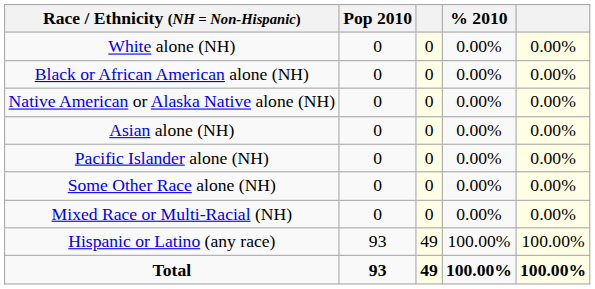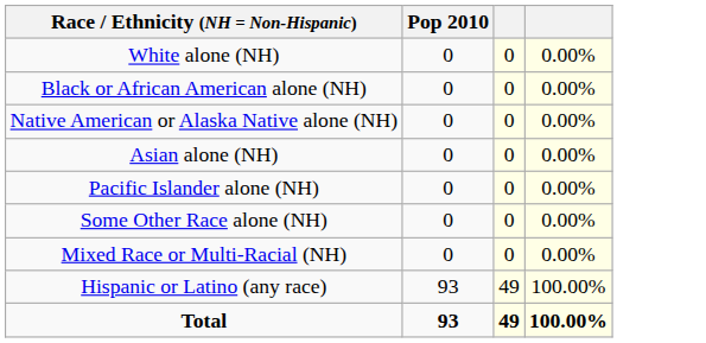 <table class="wikitable" style="text-align:center;">
 <tr>
 <th>Race / Ethnicity <small>(<em>NH = Non-Hispanic</em>)</small></th>
 <th>Pop 2010</th>
 <th></th>
-<th>% 2010</th>
 <th></th>
 </tr>
 <tr>
 <td><a href='#'>White</a> alone (NH)</td>
 <td>0</td>
 <td style='background: #ffffe6;'>0</td>
-<td>0.00%</td>
 <td style='background: #ffffe6;'>0.00%</td>
 </tr>
 <tr>
 <td><a href='#'>Black or African American</a> alone (NH)</td>
 <td>0</td>
 <td style='background: #ffffe6;'>0</td>
-<td>0.00%</td>
 <td style='background: #ffffe6;'>0.00%</td>
 </tr>
 <tr>
 <td><a href='#'>Native American</a> or <a href='#'>Alaska Native</a> alone (NH)</td>
 <td>0</td>
 <td style='background: #ffffe6;'>0</td>
-<td>0.00%</td>
 <td style='background: #ffffe6;'>0.00%</td>
 </tr>
 <tr>
 <td><a href='#'>Asian</a> alone (NH)</td>
 <td>0</td>
 <td style='background: #ffffe6;'>0</td>
-<td>0.00%</td>
 <td style='background: #ffffe6;'>0.00%</td>
 </tr>
 <tr>
 <td><a href='#'>Pacific Islander</a> alone (NH)</td>
 <td>0</td>
 <td style='background: #ffffe6;'>0</td>
-<td>0.00%</td>
 <td style='background: #ffffe6;'>0.00%</td>
 </tr>
 <tr>
 <td><a href='#'>Some Other Race</a> alone (NH)</td>
 <td>0</td>
 <td style='background: #ffffe6;'>0</td>
-<td>0.00%</td>
 <td style='background: #ffffe6;'>0.00%</td>
 </tr>
 <tr>
 <td><a href='#'>Mixed Race or Multi-Racial</a> (NH)</td>
 <td>0</td>
 <td style='background: #ffffe6;'>0</td>
-<td>0.00%</td>
 <td style='background: #ffffe6;'>0.00%</td>
 </tr>
 <tr>
 <td><a href='#'>Hispanic or Latino</a> (any race)</td>
 <td>93</td>
 <td style='background: #ffffe6;'>49</td>
-<td>100.00%</td>
 <td style='background: #ffffe6;'>100.00%</td>
 </tr>
 <tr>
 <td><strong>Total</strong></td>
 <td><strong>93</strong></td>
 <td style='background: #ffffe6;'><strong>49</strong></td>
-<td><strong>100.00%</strong></td>
 <td style='background: #ffffe6;'><strong>100.00%</strong></td>
 </tr>
 </table>
